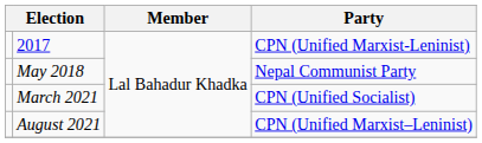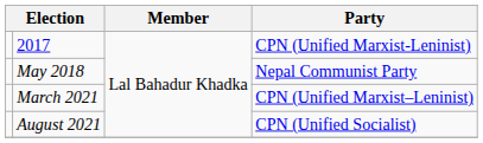 <table class="wikitable">
 <tr>
 <th colspan="2">Election</th>
 <th>Member</th>
 <th>Party</th>
 </tr>
 <tr>
 <td style="background-color:"></td>
 <td><a href='#'>2017</a></td>
 <td rowspan="4">Lal Bahadur Khadka</td>
 <td><a href='#'>CPN (Unified Marxist-Leninist)</a></td>
 </tr>
 <tr>
 <td style="background-color:"></td>
 <td><em>May 2018</em></td>
 <td><a href='#'>Nepal Communist Party</a></td>
 </tr>
 <tr>
 <td style="background-color:"></td>
 <td><em>March 2021</em></td>
-<td><a href='#'>CPN (Unified Socialist)</a></td>
+<td><a href='#'>CPN (Unified Marxist–Leninist)</a></td>
 </tr>
 <tr>
 <td style="background-color:"></td>
 <td><em>August 2021</em></td>
-<td><a href='#'>CPN (Unified Marxist–Leninist)</a></td>
+<td><a href='#'>CPN (Unified Socialist)</a></td>
 </tr>
 <tr>
 </tr>
 </table>
